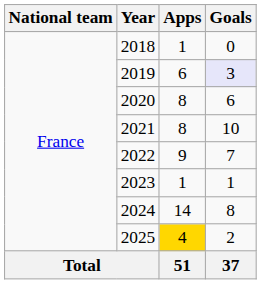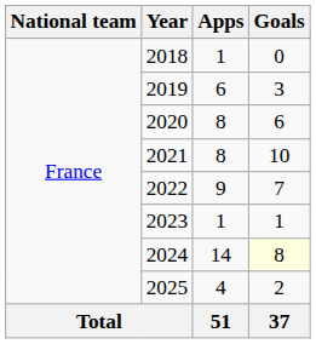 <table class="wikitable" style="text-align:center">
 <tr>
 <th>National team</th>
 <th>Year</th>
 <th>Apps</th>
 <th>Goals</th>
 </tr>
 <tr>
 <td rowspan="8"><a href='#'>France</a></td>
 <td>2018</td>
 <td>1</td>
 <td>0</td>
 </tr>
 <tr>
 <td>2019</td>
 <td>6</td>
-<td style="background: lavender;">3</td>
+<td>3</td>
 </tr>
 <tr>
 <td>2020</td>
 <td>8</td>
 <td>6</td>
 </tr>
 <tr>
 <td>2021</td>
 <td>8</td>
 <td>10</td>
 </tr>
 <tr>
 <td>2022</td>
 <td>9</td>
 <td>7</td>
 </tr>
 <tr>
 <td>2023</td>
 <td>1</td>
 <td>1</td>
 </tr>
 <tr>
 <td>2024</td>
 <td>14</td>
-<td>8</td>
+<td style="background: lightyellow;">8</td>
 </tr>
 <tr>
 <td>2025</td>
-<td style="background: gold;">4</td>
+<td>4</td>
 <td>2</td>
 </tr>
 <tr>
 <th colspan="2">Total</th>
 <th>51</th>
 <th>37</th>
 </tr>
 </table>
